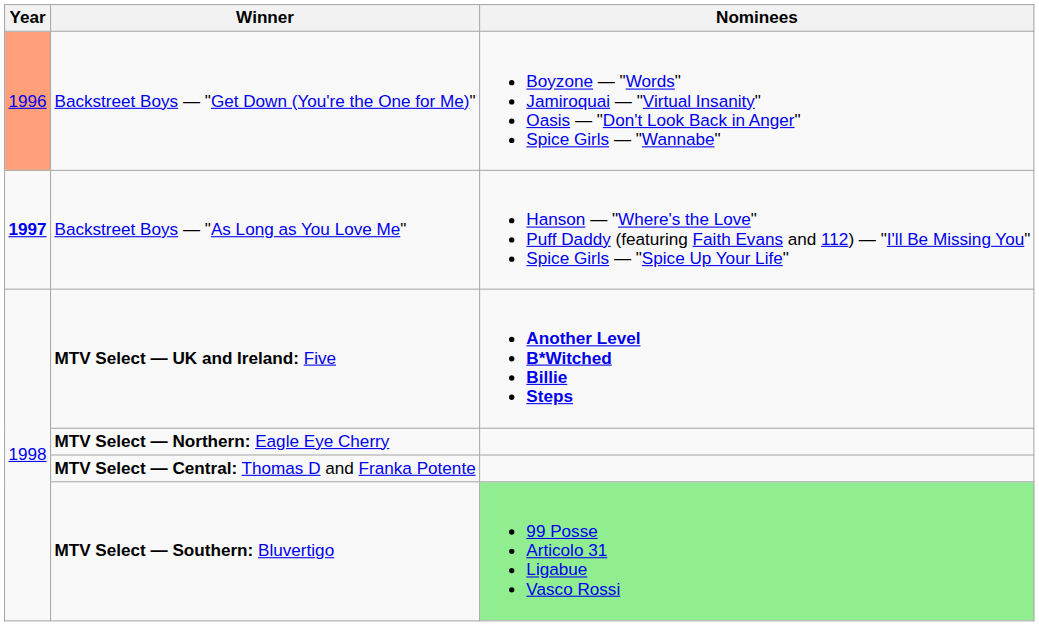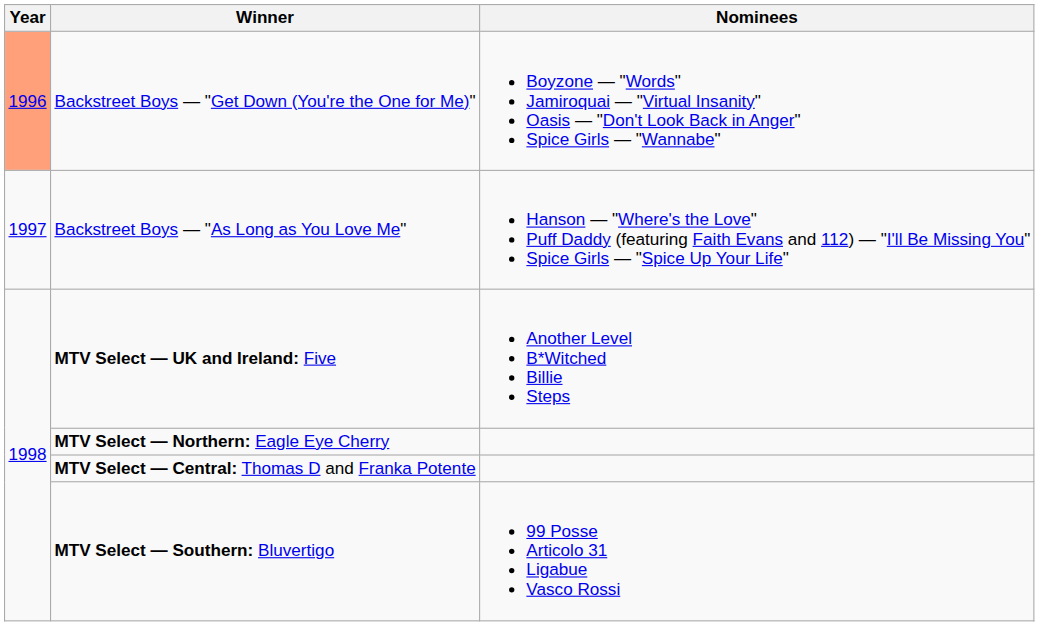 <table class="wikitable">
 <tr>
 <th>Year</th>
 <th>Winner</th>
 <th>Nominees</th>
 </tr>
 <tr>
 <td style="background: lightsalmon;"><a href='#'>1996</a></td>
 <td><a href='#'>Backstreet Boys</a> — "<a href='#'>Get Down (You're the One for Me)</a>"</td>
 <td><br><ul><li><a href='#'>Boyzone</a> — "<a href='#'>Words</a>"</li><li><a href='#'>Jamiroquai</a> — "<a href='#'>Virtual Insanity</a>"</li><li><a href='#'>Oasis</a> — "<a href='#'>Don't Look Back in Anger</a>"</li><li><a href='#'>Spice Girls</a> — "<a href='#'>Wannabe</a>"</li></ul></td>
 </tr>
 <tr>
-<td><strong><a href='#'>1997</a></strong></td>
+<td><a href='#'>1997</a></td>
 <td><a href='#'>Backstreet Boys</a> — "<a href='#'>As Long as You Love Me</a>"</td>
 <td><br><ul><li><a href='#'>Hanson</a> — "<a href='#'>Where's the Love</a>"</li><li><a href='#'>Puff Daddy</a> (featuring <a href='#'>Faith Evans</a> and <a href='#'>112</a>) — "<a href='#'>I'll Be Missing You</a>"</li><li><a href='#'>Spice Girls</a> — "<a href='#'>Spice Up Your Life</a>"</li></ul></td>
 </tr>
 <tr>
 <td rowspan="4"><a href='#'>1998</a></td>
 <td><strong>MTV Select — UK and Ireland:</strong> <a href='#'>Five</a></td>
-<td><strong><br><ul><li><a href='#'>Another Level</a></li><li><a href='#'>B*Witched</a></li><li><a href='#'>Billie</a></li><li><a href='#'>Steps</a></li></ul></strong></td>
+<td><br><ul><li><a href='#'>Another Level</a></li><li><a href='#'>B*Witched</a></li><li><a href='#'>Billie</a></li><li><a href='#'>Steps</a></li></ul></td>
 </tr>
 <tr>
 <td><strong>MTV Select — Northern:</strong> <a href='#'>Eagle Eye Cherry</a></td>
 <td></td>
 </tr>
 <tr>
 <td><strong>MTV Select — Central:</strong> <a href='#'>Thomas D</a> and <a href='#'>Franka Potente</a></td>
 <td></td>
 </tr>
 <tr>
 <td><strong>MTV Select — Southern:</strong> <a href='#'>Bluvertigo</a></td>
-<td style="background: lightgreen;"><br><ul><li><a href='#'>99 Posse</a></li><li><a href='#'>Articolo 31</a></li><li><a href='#'>Ligabue</a></li><li><a href='#'>Vasco Rossi</a></li></ul></td>
+<td><br><ul><li><a href='#'>99 Posse</a></li><li><a href='#'>Articolo 31</a></li><li><a href='#'>Ligabue</a></li><li><a href='#'>Vasco Rossi</a></li></ul></td>
 </tr>
 </table>
